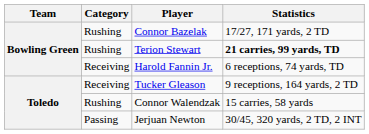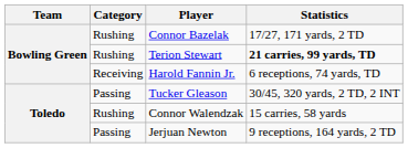 <table class="wikitable" style="float:right">
 <tr>
 <th>Team</th>
 <th>Category</th>
 <th>Player</th>
 <th>Statistics</th>
 </tr>
 <tr>
 <th rowspan=3>Bowling Green</th>
 <td>Rushing</td>
 <td><a href='#'>Connor Bazelak</a></td>
 <td>17/27, 171 yards, 2 TD</td>
 </tr>
 <tr>
 <td>Rushing</td>
 <td><a href='#'>Terion Stewart</a></td>
 <td><strong>21 carries, 99 yards, TD</strong></td>
 </tr>
 <tr>
 <td>Receiving</td>
 <td><a href='#'>Harold Fannin Jr.</a></td>
 <td>6 receptions, 74 yards, TD</td>
 </tr>
 <tr>
 <th rowspan=3>Toledo</th>
-<td>Receiving</td>
+<td>Passing</td>
 <td><a href='#'>Tucker Gleason</a></td>
-<td>9 receptions, 164 yards, 2 TD</td>
+<td>30/45, 320 yards, 2 TD, 2 INT</td>
 </tr>
 <tr>
 <td>Rushing</td>
 <td>Connor Walendzak</td>
 <td>15 carries, 58 yards</td>
 </tr>
 <tr>
 <td>Passing</td>
 <td>Jerjuan Newton</td>
-<td>30/45, 320 yards, 2 TD, 2 INT</td>
+<td>9 receptions, 164 yards, 2 TD</td>
 </tr>
 </table>
